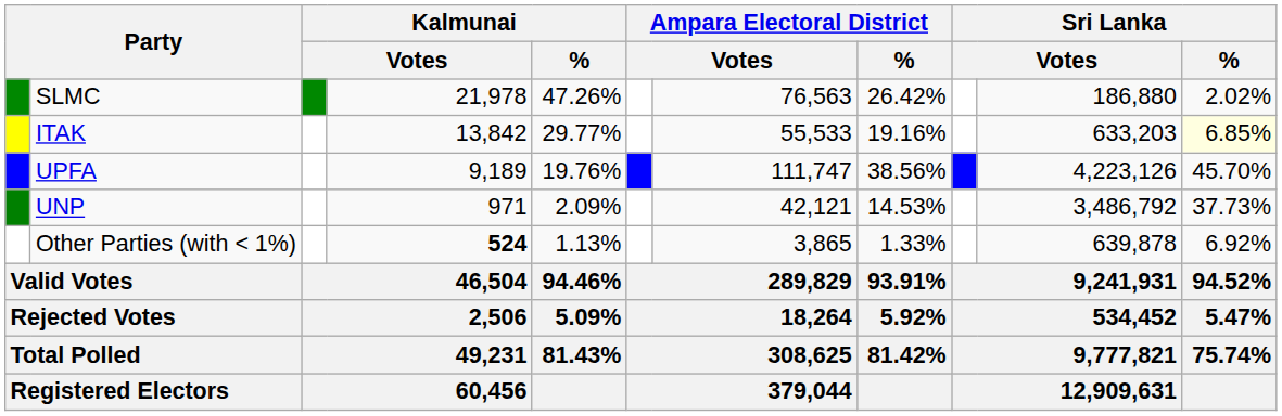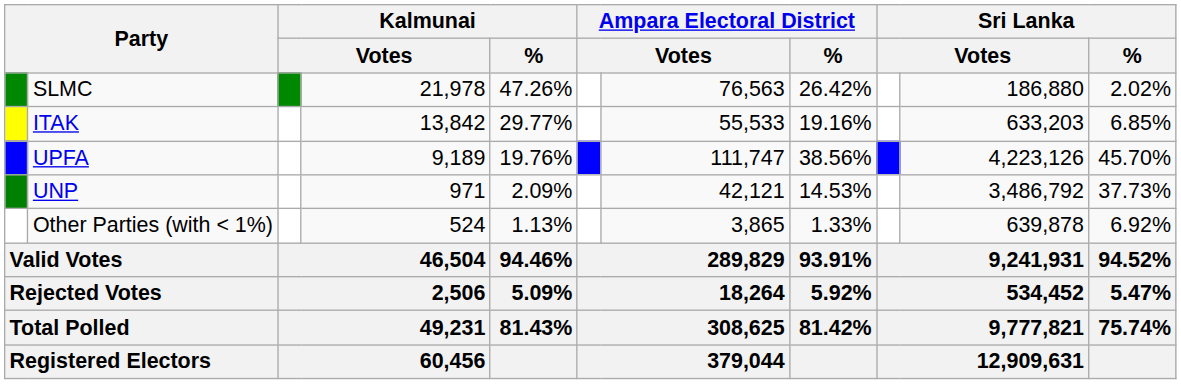 <table class="wikitable">
 <tr>
 <th colspan="2" width="144px"rowspan="2">Party</th>
 <th colspan="3" width="216px">Kalmunai</th>
 <th colspan="3" width="216px"><a href='#'>Ampara Electoral District</a></th>
 <th colspan="3" width="216px">Sri Lanka</th>
 </tr>
 <tr>
 <th colspan="2" width="144px">Votes</th>
 <th>%</th>
 <th colspan="2" width="144px">Votes</th>
 <th>%</th>
 <th colspan="2" width="144px">Votes</th>
 <th>%</th>
 </tr>
 <tr>
 <td style="background-color:#008800;" width="10px"></td>
 <td style="text-align:left;">SLMC</td>
 <td style="background-color:#008800;" width="10px"></td>
 <td style="text-align:right;">21,978</td>
 <td style="text-align:right;">47.26%</td>
 <td style="background-color:white;" width="10px"></td>
 <td style="text-align:right;">76,563</td>
 <td style="text-align:right;">26.42%</td>
 <td style="background-color:white;" width="10px"></td>
 <td style="text-align:right;">186,880</td>
 <td style="text-align:right;">2.02%</td>
 </tr>
 <tr>
 <td style="background-color:yellow;" width="10px"></td>
 <td style="text-align:left;"><a href='#'>ITAK</a></td>
 <td style="background-color:white;" width="10px"></td>
 <td style="text-align:right;">13,842</td>
 <td style="text-align:right;">29.77%</td>
 <td style="background-color:white;" width="10px"></td>
 <td style="text-align:right;">55,533</td>
 <td style="text-align:right;">19.16%</td>
 <td style="background-color:white;" width="10px"></td>
 <td style="text-align:right;">633,203</td>
-<td style="background: lightyellow; text-align:right;">6.85%</td>
+<td style="text-align:right;">6.85%</td>
 </tr>
 <tr>
 <td style="background-color:blue;" width="10px"></td>
 <td style="text-align:left;"><a href='#'>UPFA</a></td>
 <td style="background-color:white;" width="10px"></td>
 <td style="text-align:right;">9,189</td>
 <td style="text-align:right;">19.76%</td>
 <td style="background-color:blue;" width="10px"></td>
 <td style="text-align:right;">111,747</td>
 <td style="text-align:right;">38.56%</td>
 <td style="background-color:blue;" width="10px"></td>
 <td style="text-align:right;">4,223,126</td>
 <td style="text-align:right;">45.70%</td>
 </tr>
 <tr>
 <td style="background-color:green;" width="10px"></td>
 <td style="text-align:left;"><a href='#'>UNP</a></td>
 <td style="background-color:white;" width="10px"></td>
 <td style="text-align:right;">971</td>
 <td style="text-align:right;">2.09%</td>
 <td style="background-color:white;" width="10px"></td>
 <td style="text-align:right;">42,121</td>
 <td style="text-align:right;">14.53%</td>
 <td style="background-color:white;" width="10px"></td>
 <td style="text-align:right;">3,486,792</td>
 <td style="text-align:right;">37.73%</td>
 </tr>
 <tr>
 <td style="background-color:white;" width="10px"></td>
 <td style="text-align:left;">Other Parties (with < 1%)</td>
 <td style="background-color:white;" width="10px"></td>
-<td style="text-align:right;"><strong>524</strong></td>
+<td style="text-align:right;">524</td>
 <td style="text-align:right;">1.13%</td>
 <td style="background-color:white;" width="10px"></td>
 <td style="text-align:right;">3,865</td>
 <td style="text-align:right;">1.33%</td>
 <td style="background-color:white;" width="10px"></td>
 <td style="text-align:right;">639,878</td>
 <td style="text-align:right;">6.92%</td>
 </tr>
 <tr>
 <th colspan="2" width="144px"style="text-align:left;">Valid Votes</th>
 <th style="text-align:right;"colspan="2" width="144px">46,504</th>
 <th style="text-align:right;">94.46%</th>
 <th style="text-align:right;"colspan="2" width="144px">289,829</th>
 <th style="text-align:right;">93.91%</th>
 <th style="text-align:right;"colspan="2" width="144px">9,241,931</th>
 <th style="text-align:right;">94.52%</th>
 </tr>
 <tr>
 <th colspan="2" width="144px"style="text-align:left;">Rejected Votes</th>
 <th style="text-align:right;"colspan="2" width="144px">2,506</th>
 <th style="text-align:right;">5.09%</th>
 <th style="text-align:right;"colspan="2" width="144px">18,264</th>
 <th style="text-align:right;">5.92%</th>
 <th style="text-align:right;"colspan="2" width="144px">534,452</th>
 <th style="text-align:right;">5.47%</th>
 </tr>
 <tr>
 <th colspan="2" width="144px"style="text-align:left;">Total Polled</th>
 <th style="text-align:right;"colspan="2" width="144px">49,231</th>
 <th style="text-align:right;">81.43%</th>
 <th style="text-align:right;"colspan="2" width="144px">308,625</th>
 <th style="text-align:right;">81.42%</th>
 <th style="text-align:right;"colspan="2" width="144px">9,777,821</th>
 <th style="text-align:right;">75.74%</th>
 </tr>
 <tr>
 <th colspan="2" width="144px"style="text-align:left;">Registered Electors</th>
 <th style="text-align:right;"colspan="2" width="144px">60,456</th>
 <th></th>
 <th style="text-align:right;"colspan="2" width="144px">379,044</th>
 <th></th>
 <th style="text-align:right;"colspan="2" width="144px">12,909,631</th>
 <th></th>
 </tr>
 </table>
